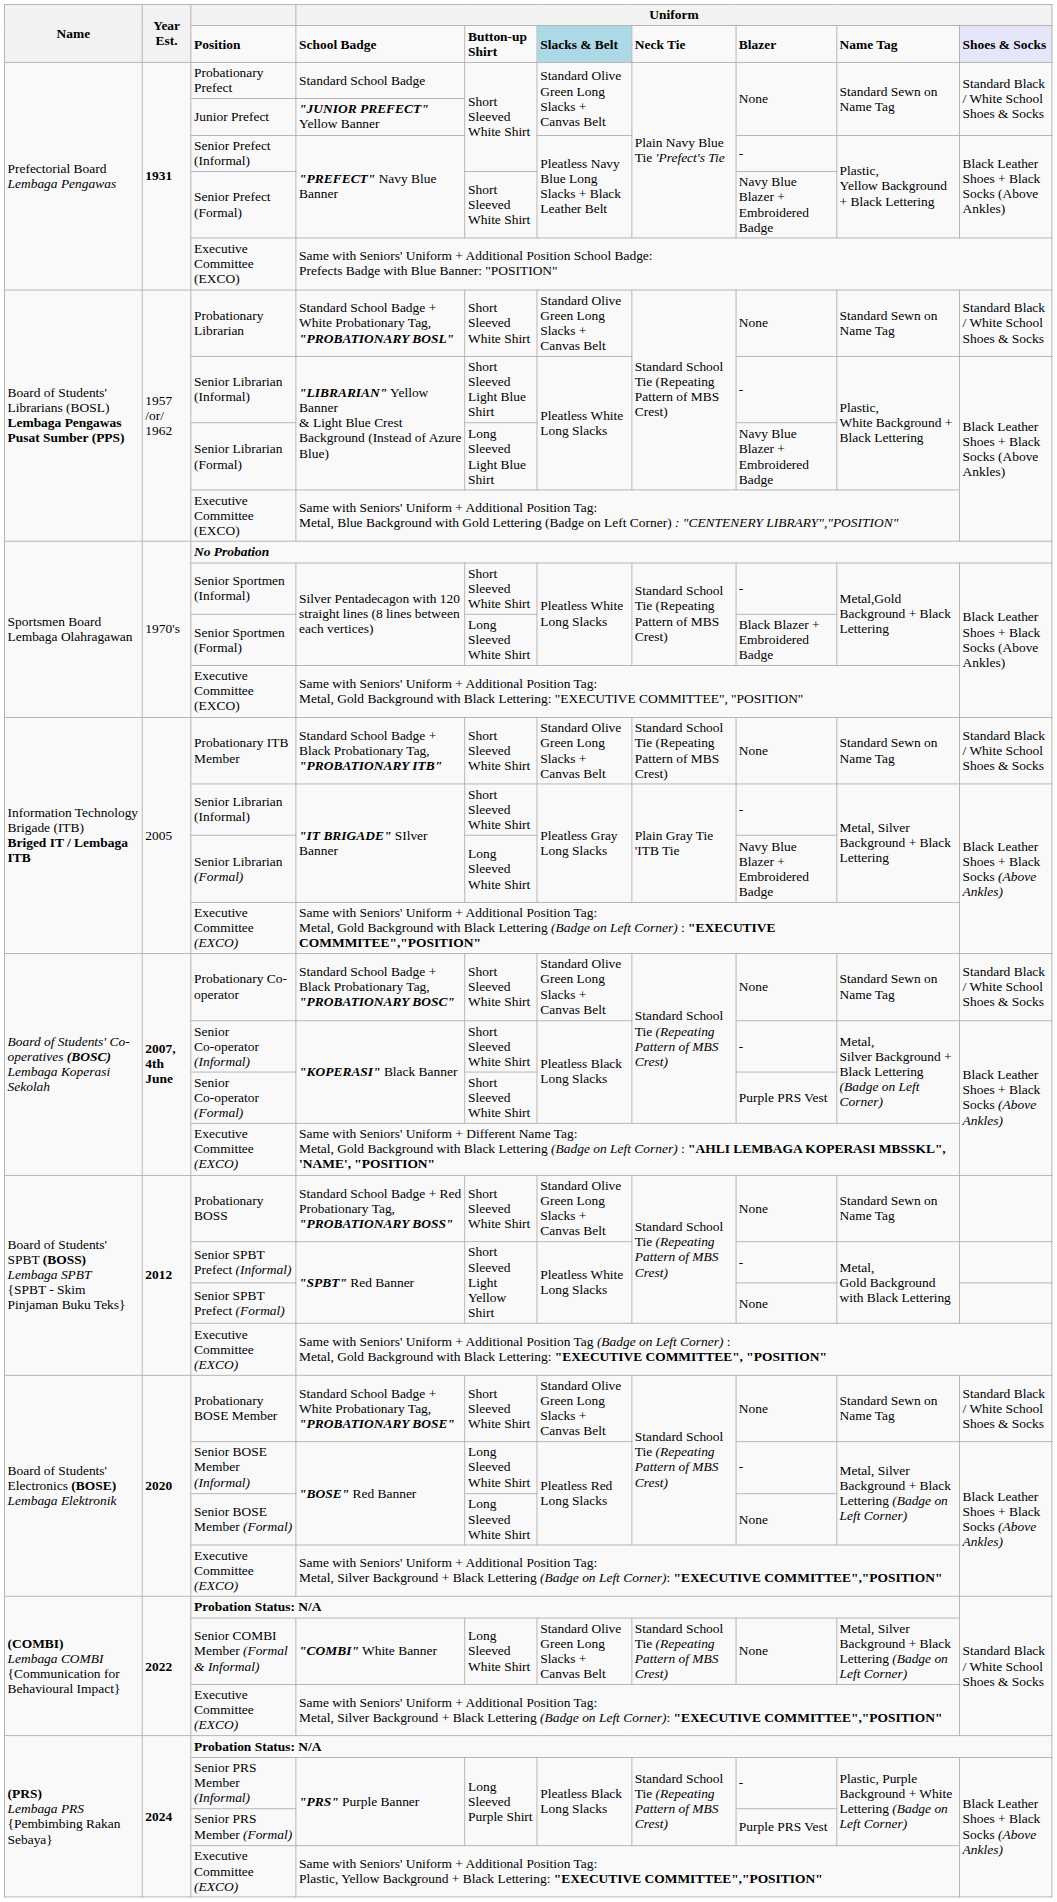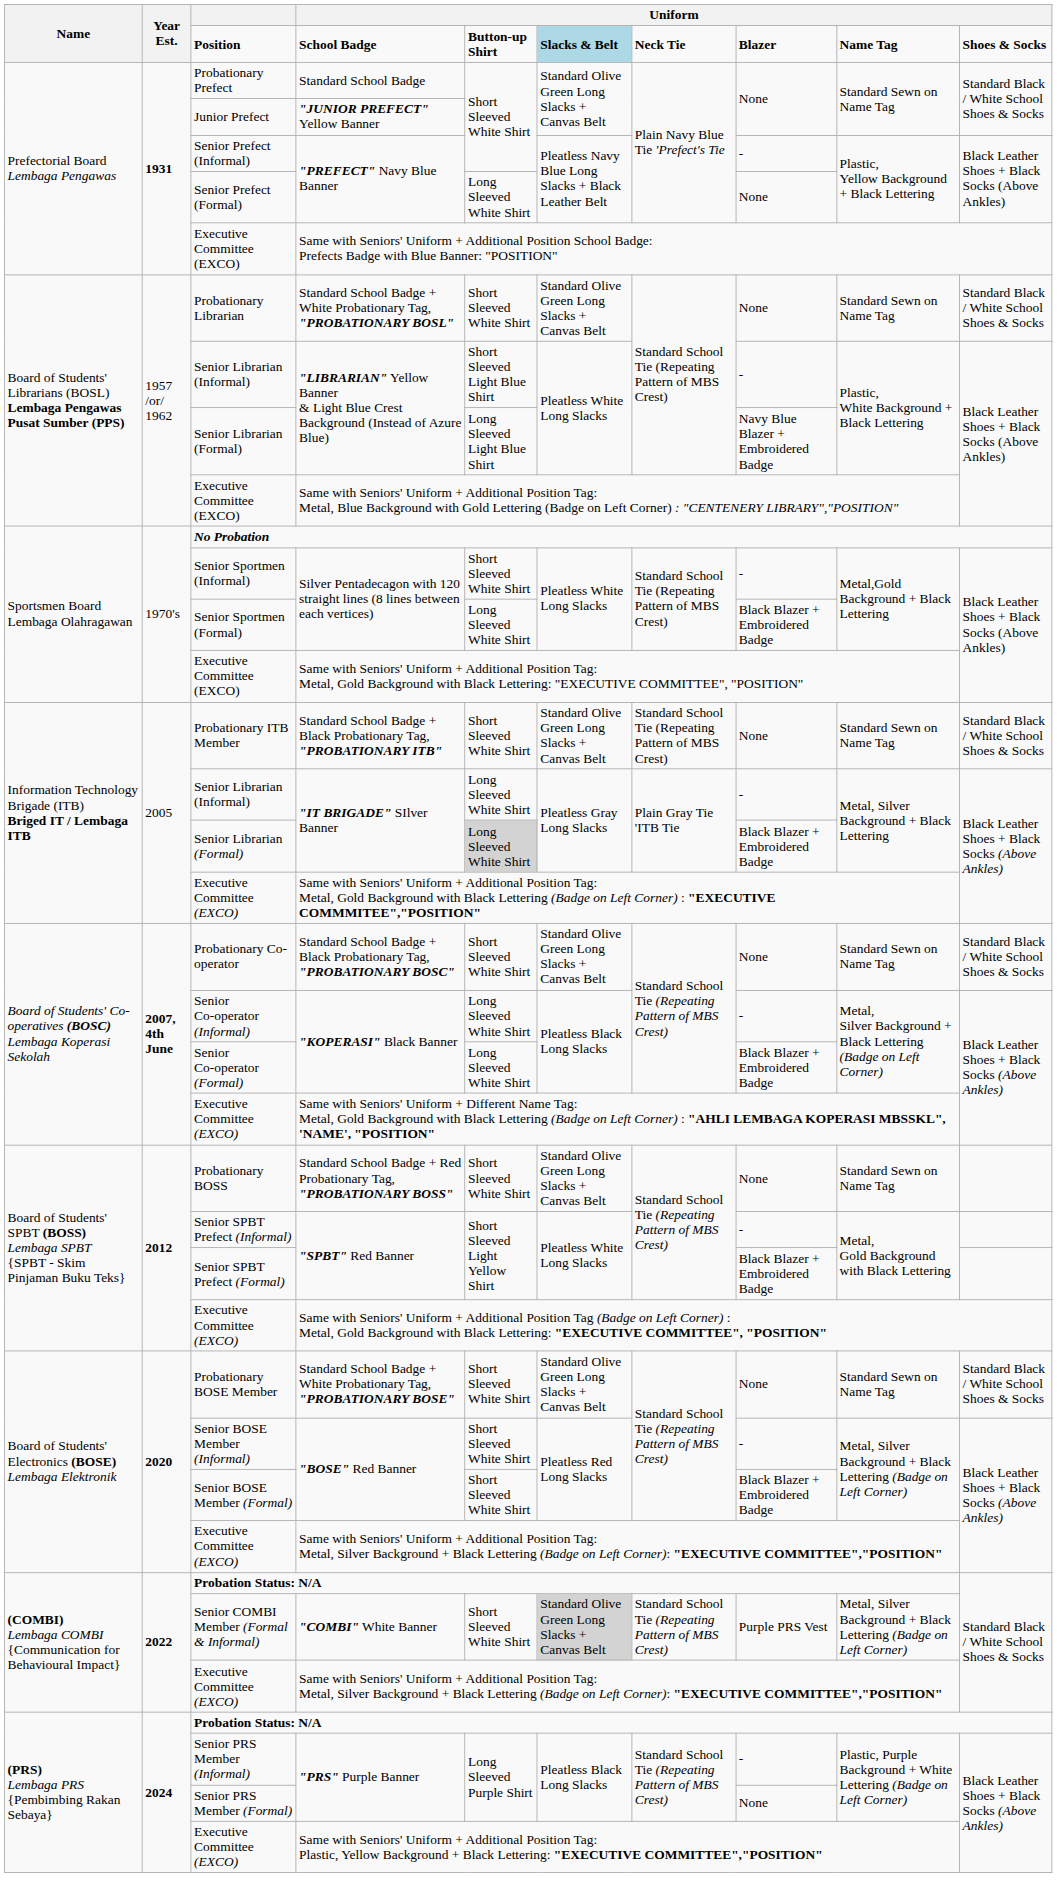 <table class="wikitable sortable">
 <tr>
 <th rowspan="2">Name</th>
 <th rowspan="2"><strong>Year Est.</strong></th>
 <th></th>
 <th colspan="7">Uniform</th>
 </tr>
 <tr>
 <td><strong>Position</strong></td>
 <td><strong>School Badge</strong></td>
 <td><strong>Button-up Shirt</strong></td>
 <td style="background: lightblue;"><strong>Slacks & Belt</strong></td>
 <td><strong>Neck Tie</strong></td>
 <td><strong>Blazer</strong></td>
 <td><strong>Name Tag</strong></td>
-<td style="background: lavender;"><strong>Shoes & Socks</strong></td>
+<td><strong>Shoes & Socks</strong></td>
 </tr>
 <tr>
 <td rowspan="5">Prefectorial Board<br><em>Lembaga Pengawas</em></td>
 <td rowspan="5"><strong>1931</strong></td>
 <td>Probationary Prefect</td>
 <td>Standard School Badge</td>
 <td rowspan="3">Short Sleeved White Shirt</td>
 <td rowspan="2">Standard Olive Green Long Slacks + Canvas Belt</td>
 <td rowspan="4">Plain Navy Blue Tie <em>'Prefect's Tie<strong></td>
 <td rowspan="2">None</td>
 <td rowspan="2">Standard Sewn on Name Tag</td>
 <td rowspan="2">Standard  Black / White School Shoes & Socks</td>
 </tr>
 <tr>
 <td>Junior Prefect</td>
 <td><strong><em>"JUNIOR PREFECT"</em></strong> Yellow Banner</td>
 </tr>
 <tr>
 <td>Senior Prefect </em>(Informal)<em></td>
 <td rowspan="2"><strong><em>"PREFECT"</em></strong> Navy Blue Banner</td>
 <td rowspan="2">Pleatless Navy Blue Long Slacks + Black Leather Belt</td>
 <td>-</td>
 <td rowspan="2">Plastic,<br>Yellow Background + Black Lettering</td>
 <td rowspan="2">Black Leather Shoes + Black Socks </em>(Above Ankles)<em></td>
 </tr>
 <tr>
 <td>Senior Prefect </em>(Formal)<em></td>
-<td>Short Sleeved White Shirt</td>
-<td>Navy Blue Blazer + Embroidered Badge</td>
+<td>Long Sleeved White Shirt</td>
+<td>None</td>
 </tr>
 <tr>
 <td>Executive Committee </em>(EXCO)<em></td>
 <td colspan="7">Same with Seniors' Uniform + Additional Position School Badge:<br>Prefects Badge with Blue Banner: </strong>"POSITION"<strong></td>
 </tr>
 <tr>
 <td rowspan="4">Board of Students' Librarians </strong>(BOSL)<strong><br></em>Lembaga Pengawas Pusat Sumber (PPS)<em></td>
 <td rowspan="4"></strong>1957 /or/ 1962<strong></td>
 <td>Probationary Librarian</td>
 <td>Standard School Badge + White Probationary Tag, <strong><em>"PROBATIONARY BOSL"</em></strong></td>
 <td>Short Sleeved White Shirt</td>
 <td>Standard Olive Green Long Slacks + Canvas Belt</td>
 <td rowspan="3">Standard School Tie </em>(Repeating Pattern of MBS Crest)<em></td>
 <td>None</td>
 <td>Standard Sewn on Name Tag</td>
 <td>Standard  Black / White School Shoes & Socks</td>
 </tr>
 <tr>
 <td>Senior Librarian </em>(Informal)<em></td>
 <td rowspan="2"><strong><em>"LIBRARIAN"</em></strong> Yellow Banner<br>&  Light Blue Crest Background </em>(Instead of Azure Blue)<em></td>
 <td>Short Sleeved Light Blue Shirt</td>
 <td rowspan="2">Pleatless White Long Slacks</td>
 <td>-</td>
 <td rowspan="2">Plastic,<br>White Background + Black Lettering</td>
 <td rowspan="3">Black Leather Shoes + Black Socks </em>(Above Ankles)<em></td>
 </tr>
 <tr>
 <td>Senior Librarian </em>(Formal)<em></td>
 <td>Long Sleeved Light Blue Shirt</td>
 <td>Navy Blue Blazer + Embroidered Badge</td>
 </tr>
 <tr>
 <td>Executive Committee </em>(EXCO)<em></td>
 <td colspan="6">Same with Seniors' Uniform + Additional Position Tag:<br>Metal, Blue Background with Gold Lettering </em>(Badge on Left Corner)<em> : </strong>"CENTENERY LIBRARY","POSITION"<strong></td>
 </tr>
 <tr>
 <td rowspan="4">Sportsmen Board<br></em>Lembaga Olahragawan<em></td>
 <td rowspan="4"></strong>1970's<strong></td>
 <td colspan="8"><strong><em>No Probation</em></strong></td>
 </tr>
 <tr>
 <td>Senior Sportmen </em>(Informal)<em></td>
 <td rowspan="2">Silver Pentadecagon with 120 straight lines </em>(8 lines between each vertices)<em></td>
 <td>Short Sleeved White Shirt</td>
 <td rowspan="2">Pleatless White Long Slacks</td>
 <td rowspan="2">Standard School Tie </em>(Repeating Pattern of MBS Crest)<em></td>
 <td>-</td>
 <td rowspan="2">Metal,Gold Background + Black Lettering</td>
 <td rowspan="3">Black Leather Shoes + Black Socks </em>(Above Ankles)<em></td>
 </tr>
 <tr>
 <td>Senior Sportmen </em>(Formal)<em></td>
 <td>Long Sleeved White Shirt</td>
 <td>Black Blazer + Embroidered Badge</td>
 </tr>
 <tr>
 <td>Executive Committee </em>(EXCO)<em></td>
 <td colspan="6">Same with Seniors' Uniform + Additional Position Tag:<br>Metal, Gold Background with Black Lettering: </strong>"EXECUTIVE COMMITTEE", "POSITION"<strong></td>
 </tr>
 <tr>
 <td rowspan="4">Information Technology Brigade </strong>(ITB)<strong><br></em>Briged IT / Lembaga ITB<em></td>
 <td rowspan="4"></strong>2005<strong></td>
 <td>Probationary ITB Member</td>
 <td>Standard School Badge + Black Probationary Tag, <strong><em>"PROBATIONARY ITB"</em></strong></td>
 <td>Short Sleeved White Shirt</td>
 <td>Standard Olive Green Long Slacks + Canvas Belt</td>
 <td>Standard School Tie </em>(Repeating Pattern of MBS Crest)<em></td>
 <td>None</td>
 <td>Standard Sewn on Name Tag</td>
 <td>Standard  Black / White School Shoes & Socks</td>
 </tr>
 <tr>
 <td>Senior Librarian </em>(Informal)<em></td>
 <td rowspan="2"><strong><em>"IT BRIGADE"</em></strong> SIlver Banner</td>
-<td>Short Sleeved White Shirt</td>
+<td>Long Sleeved White Shirt</td>
 <td rowspan="2">Pleatless Gray Long Slacks</td>
 <td rowspan="2">Plain Gray Tie<br></em>'ITB Tie</strong></td>
 <td>-</td>
 <td rowspan="2">Metal, Silver Background + Black Lettering</td>
 <td rowspan="3">Black Leather Shoes + Black Socks <em>(Above Ankles)</em></td>
 </tr>
 <tr>
 <td>Senior Librarian <em>(Formal)</em></td>
-<td>Long Sleeved White Shirt</td>
-<td>Navy Blue Blazer + Embroidered Badge</td>
+<td style="background: lightgrey;">Long Sleeved White Shirt</td>
+<td>Black  Blazer + Embroidered Badge</td>
 </tr>
 <tr>
 <td>Executive Committee <em>(EXCO)</em></td>
 <td colspan="6">Same with Seniors' Uniform + Additional Position Tag:<br>Metal, Gold Background with Black Lettering <em>(Badge on Left Corner)</em> : <strong>"EXECUTIVE COMMMITEE","POSITION"</strong></td>
 </tr>
 <tr>
 <td rowspan="4"><em>Board of Students' Co-operatives <strong>(BOSC)</strong></em><br><em>Lembaga Koperasi Sekolah</em></td>
 <td rowspan="4"><strong>2007, 4th June</strong></td>
 <td>Probationary Co-operator</td>
 <td>Standard School Badge + Black Probationary Tag, <strong><em>"PROBATIONARY BOSC"</em></strong></td>
 <td>Short Sleeved White Shirt</td>
 <td>Standard Olive Green Long Slacks + Canvas Belt</td>
 <td rowspan="3">Standard School Tie <em>(Repeating Pattern of MBS Crest)</em></td>
 <td>None</td>
 <td>Standard Sewn on Name Tag</td>
 <td>Standard  Black / White School Shoes & Socks</td>
 </tr>
 <tr>
 <td>Senior<br>Co-operator <em>(Informal)</em></td>
 <td rowspan="2"><strong><em>"KOPERASI"</em></strong> Black Banner</td>
-<td>Short Sleeved White Shirt</td>
+<td>Long Sleeved White Shirt</td>
 <td rowspan="2">Pleatless Black Long Slacks</td>
 <td>-</td>
 <td rowspan="2">Metal,<br>Silver Background + Black Lettering <em>(Badge on Left Corner)</em></td>
 <td rowspan="3">Black Leather Shoes + Black Socks <em>(Above Ankles)</em></td>
 </tr>
 <tr>
 <td>Senior<br>Co-operator  <em>(Formal)</em></td>
-<td>Short Sleeved White Shirt</td>
-<td>Purple PRS Vest</td>
+<td>Long Sleeved White Shirt</td>
+<td>Black Blazer + Embroidered Badge</td>
 </tr>
 <tr>
 <td>Executive Committee <em>(EXCO)</em></td>
 <td colspan="6">Same with Seniors' Uniform + Different Name Tag:<br>Metal, Gold Background with Black Lettering <em>(Badge on Left Corner)</em> : <strong>"AHLI LEMBAGA KOPERASI MBSSKL", 'NAME', "POSITION"</strong></td>
 </tr>
 <tr>
 <td rowspan="4">Board of Students' SPBT <strong>(BOSS)</strong><br><em>Lembaga SPBT</em><br>{SPBT - Skim Pinjaman Buku Teks}</td>
 <td rowspan="4"><strong>2012</strong></td>
 <td>Probationary BOSS</td>
 <td>Standard School Badge + Red Probationary Tag, <strong><em>"PROBATIONARY BOSS"</em></strong></td>
 <td>Short Sleeved White Shirt</td>
 <td>Standard Olive Green Long Slacks + Canvas Belt</td>
 <td rowspan="3">Standard School Tie <em>(Repeating Pattern of MBS Crest)</em></td>
 <td>None</td>
 <td>Standard Sewn on Name Tag</td>
 <td></td>
 </tr>
 <tr>
 <td>Senior SPBT Prefect <em>(Informal)</em></td>
 <td rowspan="2"><strong><em>"SPBT"</em></strong> Red Banner</td>
 <td rowspan="2">Short Sleeved Light Yellow Shirt</td>
 <td rowspan="2">Pleatless White Long Slacks</td>
 <td>-</td>
 <td rowspan="2">Metal,<br>Gold Background with Black Lettering</td>
 <td></td>
 </tr>
 <tr>
 <td>Senior SPBT Prefect <em>(Formal)</em></td>
-<td>None</td>
+<td>Black Blazer + Embroidered Badge</td>
 <td></td>
 </tr>
 <tr>
 <td>Executive Committee <em>(EXCO)</em></td>
 <td colspan="7">Same with Seniors' Uniform + Additional Position Tag <em>(Badge on Left Corner)</em> :<br>Metal, Gold Background with Black Lettering: <strong>"EXECUTIVE COMMITTEE", "POSITION"</strong></td>
 </tr>
 <tr>
 <td rowspan="4">Board of Students' Electronics <strong>(BOSE)</strong><br><em>Lembaga Elektronik</em></td>
 <td rowspan="4"><strong>2020</strong></td>
 <td>Probationary BOSE Member</td>
 <td>Standard School Badge + White Probationary Tag, <strong><em>"PROBATIONARY BOSE"</em></strong></td>
 <td>Short Sleeved White Shirt</td>
 <td>Standard Olive Green Long Slacks + Canvas Belt</td>
 <td rowspan="3">Standard School Tie <em>(Repeating Pattern of MBS Crest)</em></td>
 <td>None</td>
 <td>Standard Sewn on Name Tag</td>
 <td>Standard  Black / White School Shoes & Socks</td>
 </tr>
 <tr>
 <td>Senior BOSE Member <em>(Informal)</em></td>
 <td rowspan="2"><strong><em>"BOSE"</em></strong> Red Banner</td>
-<td>Long Sleeved White Shirt</td>
+<td>Short Sleeved White Shirt</td>
 <td rowspan="2">Pleatless Red Long Slacks</td>
 <td>-</td>
 <td rowspan="2">Metal, Silver Background + Black Lettering <em>(Badge on Left Corner)</em></td>
 <td rowspan="3">Black Leather Shoes + Black Socks <em>(Above Ankles)</em></td>
 </tr>
 <tr>
 <td>Senior BOSE Member <em>(Formal)</em></td>
-<td>Long Sleeved White Shirt</td>
-<td>None</td>
+<td>Short Sleeved White Shirt</td>
+<td>Black Blazer + Embroidered Badge</td>
 </tr>
 <tr>
 <td>Executive Committee <em>(EXCO)</em></td>
 <td colspan="6">Same with Seniors' Uniform + Additional Position Tag:<br>Metal, Silver Background + Black Lettering <em>(Badge on Left Corner)</em>: <strong>"EXECUTIVE COMMITTEE","POSITION"</strong></td>
 </tr>
 <tr>
 <td rowspan="3"><strong>(COMBI)</strong><br><em>Lembaga COMBI</em> {Communication for Behavioural Impact}</td>
 <td rowspan="3"><strong>2022</strong></td>
 <td colspan="7"><strong>Probation Status: N/A</strong></td>
 <td rowspan="3">Standard  Black / White School Shoes & Socks</td>
 </tr>
 <tr>
 <td>Senior COMBI Member <em>(Formal & Informal)</em></td>
 <td><strong><em>"COMBI"</em></strong> White Banner</td>
-<td>Long Sleeved White Shirt</td>
-<td>Standard Olive Green Long Slacks + Canvas Belt</td>
+<td>Short Sleeved White Shirt</td>
+<td style="background: lightgrey;">Standard Olive Green Long Slacks + Canvas Belt</td>
 <td>Standard School Tie <em>(Repeating Pattern of MBS Crest)</em></td>
-<td>None</td>
+<td>Purple PRS Vest</td>
 <td>Metal, Silver Background + Black Lettering <em>(Badge on Left Corner)</em></td>
 </tr>
 <tr>
 <td>Executive Committee <em>(EXCO)</em></td>
 <td colspan="6">Same with Seniors' Uniform + Additional Position Tag:<br>Metal, Silver Background + Black Lettering <em>(Badge on Left Corner)</em>: <strong>"EXECUTIVE COMMITTEE","POSITION"</strong></td>
 </tr>
 <tr>
 <td rowspan="4"><strong>(PRS)</strong><br><em>Lembaga PRS</em> {Pembimbing Rakan Sebaya}</td>
 <td rowspan="4"><strong>2024</strong></td>
 <td colspan="8"><strong>Probation Status: N/A</strong></td>
 </tr>
 <tr>
 <td>Senior PRS Member <em>(Informal)</em></td>
 <td rowspan="2"><strong><em>"PRS"</em></strong> Purple Banner</td>
 <td rowspan="2">Long Sleeved Purple Shirt</td>
 <td rowspan="2">Pleatless Black Long Slacks</td>
 <td rowspan="2">Standard School Tie <em>(Repeating Pattern of MBS Crest)</em></td>
 <td>-</td>
 <td rowspan="2">Plastic, Purple Background + White Lettering <em>(Badge on Left Corner)</em></td>
 <td rowspan="3">Black Leather Shoes + Black Socks <em>(Above Ankles)</em></td>
 </tr>
 <tr>
 <td>Senior PRS Member <em>(Formal)</em></td>
-<td>Purple PRS Vest</td>
+<td>None</td>
 </tr>
 <tr>
 <td>Executive Committee <em>(EXCO)</em></td>
 <td colspan="6">Same with Seniors' Uniform + Additional Position Tag:<br>Plastic, Yellow Background + Black Lettering: <strong>"EXECUTIVE COMMITTEE","POSITION"</strong></td>
 </tr>
 </table>
